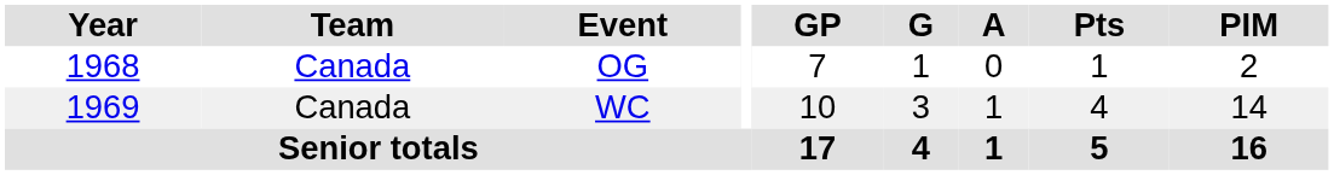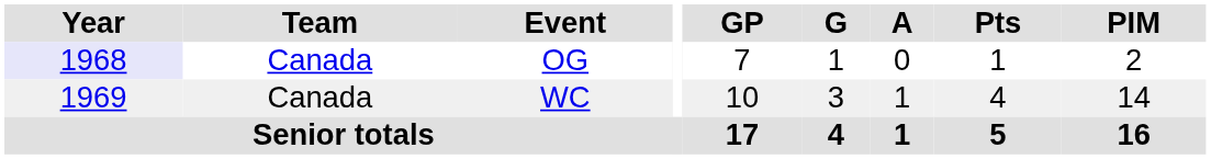 <table border="0" cellpadding="1" cellspacing="0" ID="Table3" style="text-align:center; width:40em">
 <tr bgcolor="#e0e0e0">
 <th>Year</th>
 <th>Team</th>
 <th>Event</th>
 <th rowspan="102" bgcolor="#ffffff"></th>
 <th>GP</th>
 <th>G</th>
 <th>A</th>
 <th>Pts</th>
 <th>PIM</th>
 </tr>
 <tr>
-<td><a href='#'>1968</a></td>
+<td style="background: lavender;"><a href='#'>1968</a></td>
 <td><a href='#'>Canada</a></td>
 <td><a href='#'>OG</a></td>
 <td>7</td>
 <td>1</td>
 <td>0</td>
 <td>1</td>
 <td>2</td>
 </tr>
 <tr bgcolor="#f0f0f0">
 <td><a href='#'>1969</a></td>
 <td>Canada</td>
 <td><a href='#'>WC</a></td>
 <td>10</td>
 <td>3</td>
 <td>1</td>
 <td>4</td>
 <td>14</td>
 </tr>
 <tr bgcolor="#e0e0e0">
 <th colspan="4">Senior totals</th>
 <th>17</th>
 <th>4</th>
 <th>1</th>
 <th>5</th>
 <th>16</th>
 </tr>
 </table>
